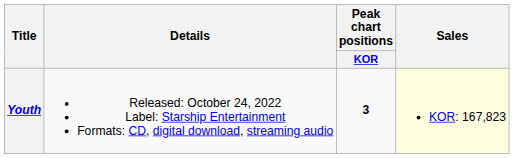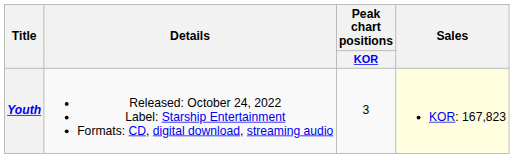 <table class="wikitable plainrowheaders" style="text-align:center;">
 <tr>
 <th rowspan="2" scope="col">Title</th>
 <th rowspan="2" scope="col">Details</th>
 <th colspan="1">Peak chart positions</th>
 <th rowspan="2" scope="col">Sales</th>
 </tr>
 <tr>
 <th scope="col" style="width:3em;font-size:90%;"><a href='#'>KOR</a><br></th>
 </tr>
 <tr>
 <th scope="row"><em><a href='#'>Youth</a></em></th>
 <td><br><ul><li>Released: October 24, 2022</li><li>Label: <a href='#'>Starship Entertainment</a></li><li>Formats: <a href='#'>CD</a>, <a href='#'>digital download</a>, <a href='#'>streaming audio</a></li></ul></td>
-<td><strong>3</strong></td>
+<td>3</td>
 <td style="background: lightyellow;"><br><ul><li><a href='#'>KOR</a>: 167,823</li></ul></td>
 </tr>
 </table>
